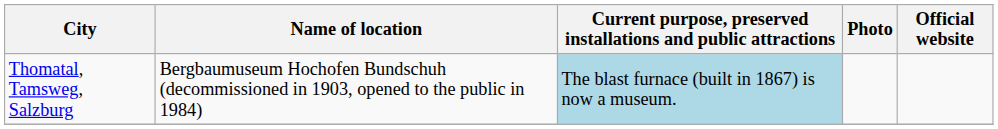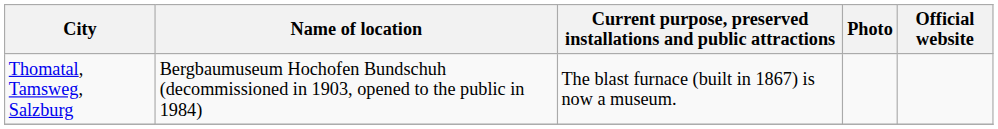 <table class="wikitable">
 <tr>
 <th>City</th>
 <th>Name of location</th>
 <th>Current purpose, preserved installations and public attractions</th>
 <th>Photo</th>
 <th>Official website</th>
 </tr>
 <tr>
 <td><a href='#'>Thomatal</a>, <a href='#'>Tamsweg</a>, <a href='#'>Salzburg</a></td>
 <td>Bergbaumuseum Hochofen Bundschuh (decommissioned in 1903, opened to the public in 1984)</td>
-<td style="background: lightblue;">The blast furnace (built in 1867) is now a museum.</td>
+<td>The blast furnace (built in 1867) is now a museum.</td>
 <td></td>
 <td></td>
 </tr>
 <tr>
 </tr>
 </table>
